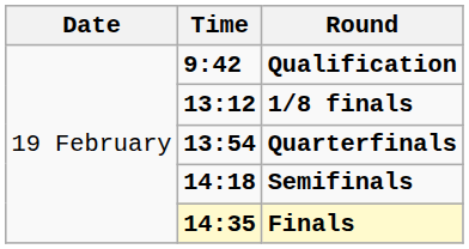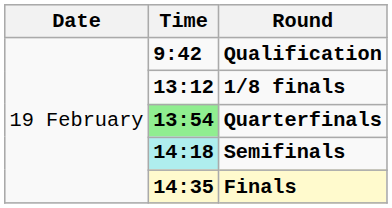 <table class="wikitable">
 <tr>
 <th>Date</th>
 <th>Time</th>
 <th>Round</th>
 </tr>
 <tr>
 <td rowspan=5>19 February</td>
 <td><strong>9:42</strong></td>
 <td><strong>Qualification</strong></td>
 </tr>
 <tr>
 <td><strong>13:12</strong></td>
 <td><strong>1/8 finals</strong></td>
 </tr>
 <tr>
-<td><strong>13:54</strong></td>
+<td style="background: lightgreen;"><strong>13:54</strong></td>
 <td><strong>Quarterfinals</strong></td>
 </tr>
 <tr>
-<td><strong>14:18</strong></td>
+<td style="background: paleturquoise;"><strong>14:18</strong></td>
 <td><strong>Semifinals</strong></td>
 </tr>
 <tr style=background:lemonchiffon>
 <td><strong>14:35</strong></td>
 <td><strong>Finals</strong></td>
 </tr>
 </table>
